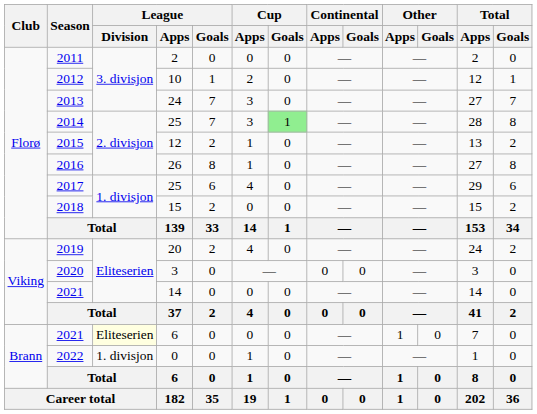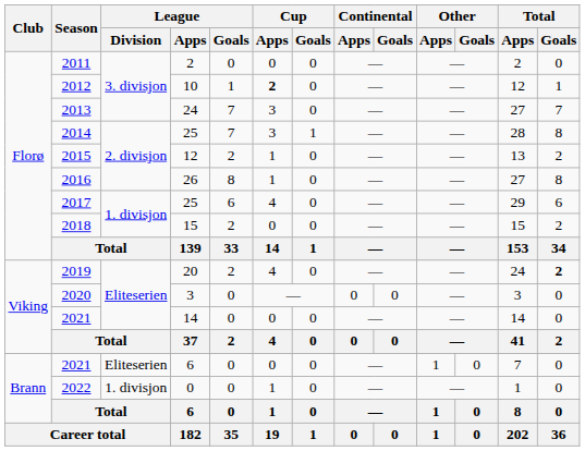 <table class="wikitable" style="text-align: center;">
 <tr>
 <th rowspan="2">Club</th>
 <th rowspan="2">Season</th>
 <th colspan="3">League</th>
 <th colspan="2">Cup</th>
 <th colspan="2">Continental</th>
 <th colspan="2">Other</th>
 <th colspan="2">Total</th>
 </tr>
 <tr>
 <th>Division</th>
 <th>Apps</th>
 <th>Goals</th>
 <th>Apps</th>
 <th>Goals</th>
 <th>Apps</th>
 <th>Goals</th>
 <th>Apps</th>
 <th>Goals</th>
 <th>Apps</th>
 <th>Goals</th>
 </tr>
 <tr>
 <td rowspan="9"><a href='#'>Florø</a></td>
 <td><a href='#'>2011</a></td>
 <td rowspan="3"><a href='#'>3. divisjon</a></td>
 <td>2</td>
 <td>0</td>
 <td>0</td>
 <td>0</td>
 <td colspan="2">—</td>
 <td colspan="2">—</td>
 <td>2</td>
 <td>0</td>
 </tr>
 <tr>
 <td><a href='#'>2012</a></td>
 <td>10</td>
 <td>1</td>
-<td>2</td>
+<td><strong>2</strong></td>
 <td>0</td>
 <td colspan="2">—</td>
 <td colspan="2">—</td>
 <td>12</td>
 <td>1</td>
 </tr>
 <tr>
 <td><a href='#'>2013</a></td>
 <td>24</td>
 <td>7</td>
 <td>3</td>
 <td>0</td>
 <td colspan="2">—</td>
 <td colspan="2">—</td>
 <td>27</td>
 <td>7</td>
 </tr>
 <tr>
 <td><a href='#'>2014</a></td>
 <td rowspan="3"><a href='#'>2. divisjon</a></td>
 <td>25</td>
 <td>7</td>
 <td>3</td>
-<td style="background: lightgreen;">1</td>
+<td>1</td>
 <td colspan="2">—</td>
 <td colspan="2">—</td>
 <td>28</td>
 <td>8</td>
 </tr>
 <tr>
 <td><a href='#'>2015</a></td>
 <td>12</td>
 <td>2</td>
 <td>1</td>
 <td>0</td>
 <td colspan="2">—</td>
 <td colspan="2">—</td>
 <td>13</td>
 <td>2</td>
 </tr>
 <tr>
 <td><a href='#'>2016</a></td>
 <td>26</td>
 <td>8</td>
 <td>1</td>
 <td>0</td>
 <td colspan="2">—</td>
 <td colspan="2">—</td>
 <td>27</td>
 <td>8</td>
 </tr>
 <tr>
 <td><a href='#'>2017</a></td>
 <td rowspan="2"><a href='#'>1. divisjon</a></td>
 <td>25</td>
 <td>6</td>
 <td>4</td>
 <td>0</td>
 <td colspan="2">—</td>
 <td colspan="2">—</td>
 <td>29</td>
 <td>6</td>
 </tr>
 <tr>
 <td><a href='#'>2018</a></td>
 <td>15</td>
 <td>2</td>
 <td>0</td>
 <td>0</td>
 <td colspan="2">—</td>
 <td colspan="2">—</td>
 <td>15</td>
 <td>2</td>
 </tr>
 <tr>
 <th colspan="2">Total</th>
 <th>139</th>
 <th>33</th>
 <th>14</th>
 <th>1</th>
 <th colspan="2">—</th>
 <th colspan="2">—</th>
 <th>153</th>
 <th>34</th>
 </tr>
 <tr>
 <td rowspan="4"><a href='#'>Viking</a></td>
 <td><a href='#'>2019</a></td>
 <td rowspan="3"><a href='#'>Eliteserien</a></td>
 <td>20</td>
 <td>2</td>
 <td>4</td>
 <td>0</td>
 <td colspan="2">—</td>
 <td colspan="2">—</td>
 <td>24</td>
-<td>2</td>
+<td><strong>2</strong></td>
 </tr>
 <tr>
 <td><a href='#'>2020</a></td>
 <td>3</td>
 <td>0</td>
 <td colspan="2">—</td>
 <td>0</td>
 <td>0</td>
 <td colspan="2">—</td>
 <td>3</td>
 <td>0</td>
 </tr>
 <tr>
 <td><a href='#'>2021</a></td>
 <td>14</td>
 <td>0</td>
 <td>0</td>
 <td>0</td>
 <td colspan="2">—</td>
 <td colspan="2">—</td>
 <td>14</td>
 <td>0</td>
 </tr>
 <tr>
 <th colspan="2">Total</th>
 <th>37</th>
 <th>2</th>
 <th>4</th>
 <th>0</th>
 <th>0</th>
 <th>0</th>
 <th colspan="2">—</th>
 <th>41</th>
 <th>2</th>
 </tr>
 <tr>
 <td rowspan="3"><a href='#'>Brann</a></td>
 <td><a href='#'>2021</a></td>
-<td style="background: lightyellow;">Eliteserien</td>
+<td>Eliteserien</td>
 <td>6</td>
 <td>0</td>
 <td>0</td>
 <td>0</td>
 <td colspan="2">—</td>
 <td>1</td>
 <td>0</td>
 <td>7</td>
 <td>0</td>
 </tr>
 <tr>
 <td><a href='#'>2022</a></td>
 <td>1. divisjon</td>
 <td>0</td>
 <td>0</td>
 <td>1</td>
 <td>0</td>
 <td colspan="2">—</td>
 <td colspan="2">—</td>
 <td>1</td>
 <td>0</td>
 </tr>
 <tr>
 <th colspan="2">Total</th>
 <th>6</th>
 <th>0</th>
 <th>1</th>
 <th>0</th>
 <th colspan="2">—</th>
 <th>1</th>
 <th>0</th>
 <th>8</th>
 <th>0</th>
 </tr>
 <tr>
 <th colspan="3">Career total</th>
 <th>182</th>
 <th>35</th>
 <th>19</th>
 <th>1</th>
 <th>0</th>
 <th>0</th>
 <th>1</th>
 <th>0</th>
 <th>202</th>
 <th>36</th>
 </tr>
 </table>
